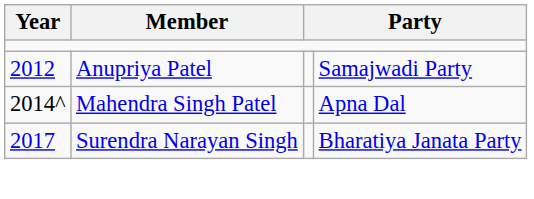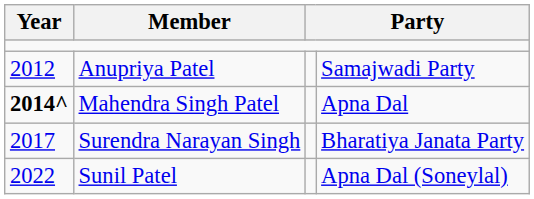 <table class="wikitable">
 <tr>
 <th>Year</th>
 <th>Member</th>
 <th colspan="2">Party</th>
 </tr>
 <tr>
 <td colspan="4"></td>
 </tr>
 <tr>
 <td><a href='#'>2012</a></td>
 <td><a href='#'>Anupriya Patel</a></td>
 <td style="background-color: "></td>
 <td><a href='#'>Samajwadi Party</a></td>
 </tr>
 <tr>
-<td>2014^</td>
+<td><strong>2014^</strong></td>
 <td><a href='#'>Mahendra Singh Patel</a></td>
 <td style="background-color: "></td>
 <td><a href='#'>Apna Dal</a></td>
 </tr>
 <tr>
 <td><a href='#'>2017</a></td>
 <td><a href='#'>Surendra Narayan Singh</a></td>
 <td style="background-color: "></td>
 <td><a href='#'>Bharatiya Janata Party</a></td>
 </tr>
+<tr>
+<td><a href='#'>2022</a></td>
+<td><a href='#'>Sunil Patel</a></td>
+<td style="background-color: "></td>
+<td><a href='#'>Apna Dal (Soneylal)</a></td>
+</tr>
 </table>
